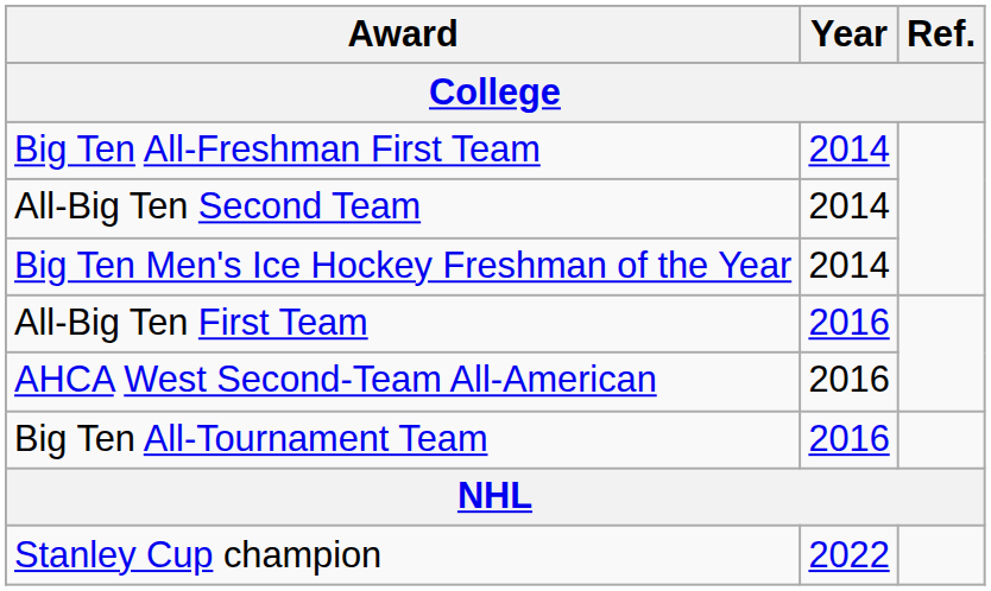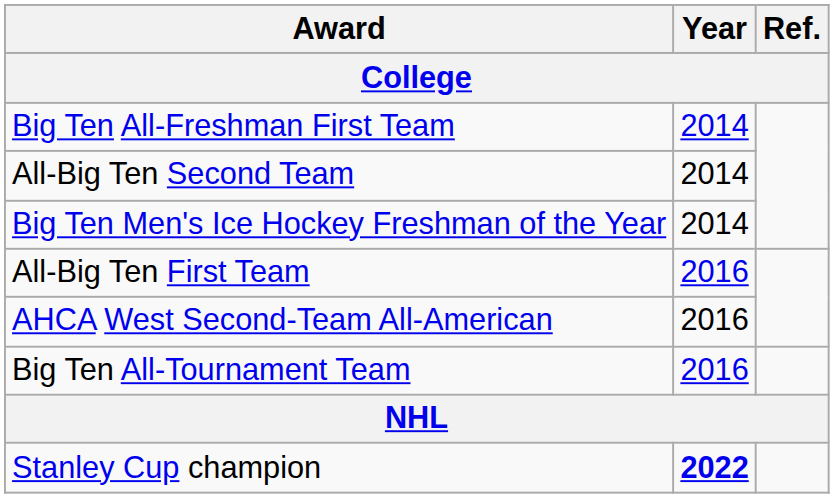 <table class="wikitable">
 <tr>
 <th>Award</th>
 <th>Year</th>
 <th>Ref.</th>
 </tr>
 <tr ALIGN="center" bgcolor="#e0e0e0">
 <th colspan="3"><a href='#'>College</a></th>
 </tr>
 <tr>
 <td><a href='#'>Big Ten</a> <a href='#'>All-Freshman First Team</a></td>
 <td><a href='#'>2014</a></td>
 <td rowspan="3"></td>
 </tr>
 <tr>
 <td>All-Big Ten <a href='#'>Second Team</a></td>
 <td>2014</td>
 </tr>
 <tr>
 <td><a href='#'>Big Ten Men's Ice Hockey Freshman of the Year</a></td>
 <td>2014</td>
 </tr>
 <tr>
 <td>All-Big Ten <a href='#'>First Team</a></td>
 <td><a href='#'>2016</a></td>
 <td rowspan="2"></td>
 </tr>
 <tr>
 <td><a href='#'>AHCA</a> <a href='#'>West Second-Team All-American</a></td>
 <td>2016</td>
 </tr>
 <tr>
 <td>Big Ten <a href='#'>All-Tournament Team</a></td>
 <td><a href='#'>2016</a></td>
 <td></td>
 </tr>
 <tr>
 <th colspan="3"><a href='#'>NHL</a></th>
 </tr>
 <tr>
 <td><a href='#'>Stanley Cup</a> champion</td>
-<td><a href='#'>2022</a></td>
+<td><strong><a href='#'>2022</a></strong></td>
 <td></td>
 </tr>
 </table>
